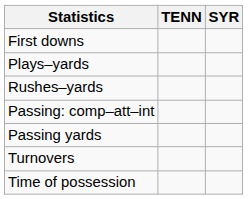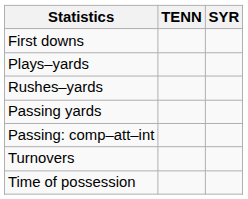 <table class="wikitable" style="float:left">
 <tr>
 <th>Statistics</th>
 <th>TENN</th>
 <th>SYR</th>
 </tr>
 <tr>
 <td>First downs</td>
 <td></td>
 <td></td>
 </tr>
 <tr>
 <td>Plays–yards</td>
 <td></td>
 <td></td>
 </tr>
 <tr>
 <td>Rushes–yards</td>
 <td></td>
 <td></td>
 </tr>
 <tr>
-<td>Passing: comp–att–int</td>
+<td>Passing yards</td>
 <td></td>
 <td></td>
 </tr>
 <tr>
-<td>Passing yards</td>
+<td>Passing: comp–att–int</td>
 <td></td>
 <td></td>
 </tr>
 <tr>
 <td>Turnovers</td>
 <td></td>
 <td></td>
 </tr>
 <tr>
 <td>Time of possession</td>
 <td></td>
 <td></td>
 </tr>
 </table>
